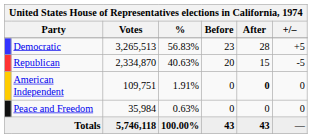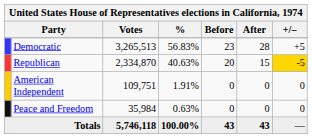 <table class="wikitable" style="font-size: 95%;">
 <tr>
 <th colspan="7">United States House of Representatives elections in California, 1974</th>
 </tr>
 <tr>
 <th colspan=2 style="width: 5em">Party</th>
 <th style="width: 5em">Votes</th>
 <th style="width: 3em">%</th>
 <th style="width: 3em">Before</th>
 <th style="width: 3em">After</th>
 <th style="width: 3em">+/–</th>
 </tr>
 <tr>
 </tr>
 <tr>
 <th style="background-color:#3333FF; width: 3px"></th>
 <td style="width: 130px"><a href='#'>Democratic</a></td>
 <td align="right">3,265,513</td>
 <td align="right">56.83%</td>
 <td align="right">23</td>
 <td align="right">28</td>
 <td align="right">+5</td>
 </tr>
 <tr>
 <th style="background-color:#FF3333; width: 3px"></th>
 <td style="width: 130px"><a href='#'>Republican</a></td>
 <td align="right">2,334,870</td>
 <td align="right">40.63%</td>
 <td align="right">20</td>
 <td align="right">15</td>
-<td align="right">-5</td>
+<td align="right" style="background: gold;">-5</td>
 </tr>
 <tr>
 <th style="background-color:#FFCC00; width: 3px"></th>
 <td style="width: 130px"><a href='#'>American Independent</a></td>
 <td align="right">109,751</td>
 <td align="right">1.91%</td>
 <td align="right">0</td>
-<td align="right"><strong>0</strong></td>
+<td align="right">0</td>
 <td align="right">0</td>
 </tr>
 <tr>
 <th style="background-color:#111111; width: 3px"></th>
 <td style="width: 130px"><a href='#'>Peace and Freedom</a></td>
 <td align="right">35,984</td>
 <td align="right">0.63%</td>
 <td align="right">0</td>
 <td align="right">0</td>
 <td align="right">0</td>
 </tr>
 <tr bgcolor="#EEEEEE">
 <td colspan="2" align="right"><strong>Totals</strong></td>
 <td align="right"><strong>5,746,118</strong></td>
 <td align="right"><strong>100.00%</strong></td>
 <td align="right"><strong>43</strong></td>
 <td align="right"><strong>43</strong></td>
 <td align="right"><strong>—</strong></td>
 </tr>
 </table>
